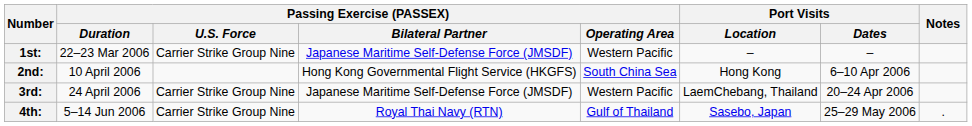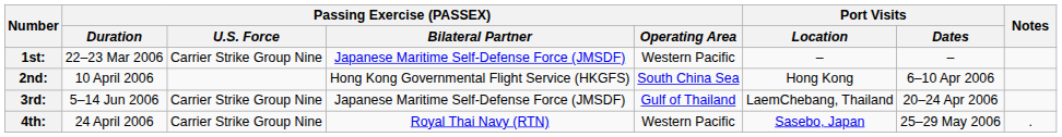 <table class="wikitable" style="text-align:center" width=99%>
 <tr>
 <th rowspan="2" width="5%">Number</th>
 <th colspan="4" align="center">Passing Exercise (PASSEX)</th>
 <th colspan="2" align="center">Port Visits</th>
 <th rowspan="2" width="5%">Notes</th>
 </tr>
 <tr>
 <th align="center"><em>Duration</em></th>
 <th align="center"><em>U.S. Force</em></th>
 <th align="center"><em>Bilateral Partner</em></th>
 <th align="center"><em>Operating Area</em></th>
 <th align="center"><em>Location</em></th>
 <th align="center"><em>Dates</em></th>
 </tr>
 <tr>
 <th>1st:</th>
 <td>22–23 Mar 2006</td>
 <td>Carrier Strike Group Nine</td>
 <td><a href='#'> Japanese Maritime Self-Defense Force (JMSDF)</a></td>
 <td>Western Pacific</td>
 <td>–</td>
 <td>–</td>
 <td></td>
 </tr>
 <tr>
 <th>2nd:</th>
 <td>10 April 2006</td>
 <td></td>
 <td>Hong Kong Governmental Flight Service (HKGFS)</td>
 <td><a href='#'>South China Sea</a></td>
 <td>Hong Kong</td>
 <td>6–10 Apr 2006</td>
 <td></td>
 </tr>
 <tr>
 <th>3rd:</th>
-<td>24 April 2006</td>
+<td>5–14 Jun 2006</td>
 <td>Carrier Strike Group Nine</td>
 <td>Japanese Maritime Self-Defense Force (JMSDF)</td>
-<td>Western Pacific</td>
+<td><a href='#'>Gulf of Thailand</a></td>
 <td>LaemChebang, Thailand</td>
 <td>20–24 Apr 2006</td>
 <td></td>
 </tr>
 <tr>
 <th>4th:</th>
-<td>5–14 Jun 2006</td>
+<td>24 April 2006</td>
 <td>Carrier Strike Group Nine</td>
 <td><a href='#'>Royal Thai Navy (RTN)</a></td>
-<td><a href='#'>Gulf of Thailand</a></td>
+<td>Western Pacific</td>
 <td><a href='#'>Sasebo, Japan</a></td>
 <td>25–29 May 2006</td>
 <td>.</td>
 </tr>
 </table>
